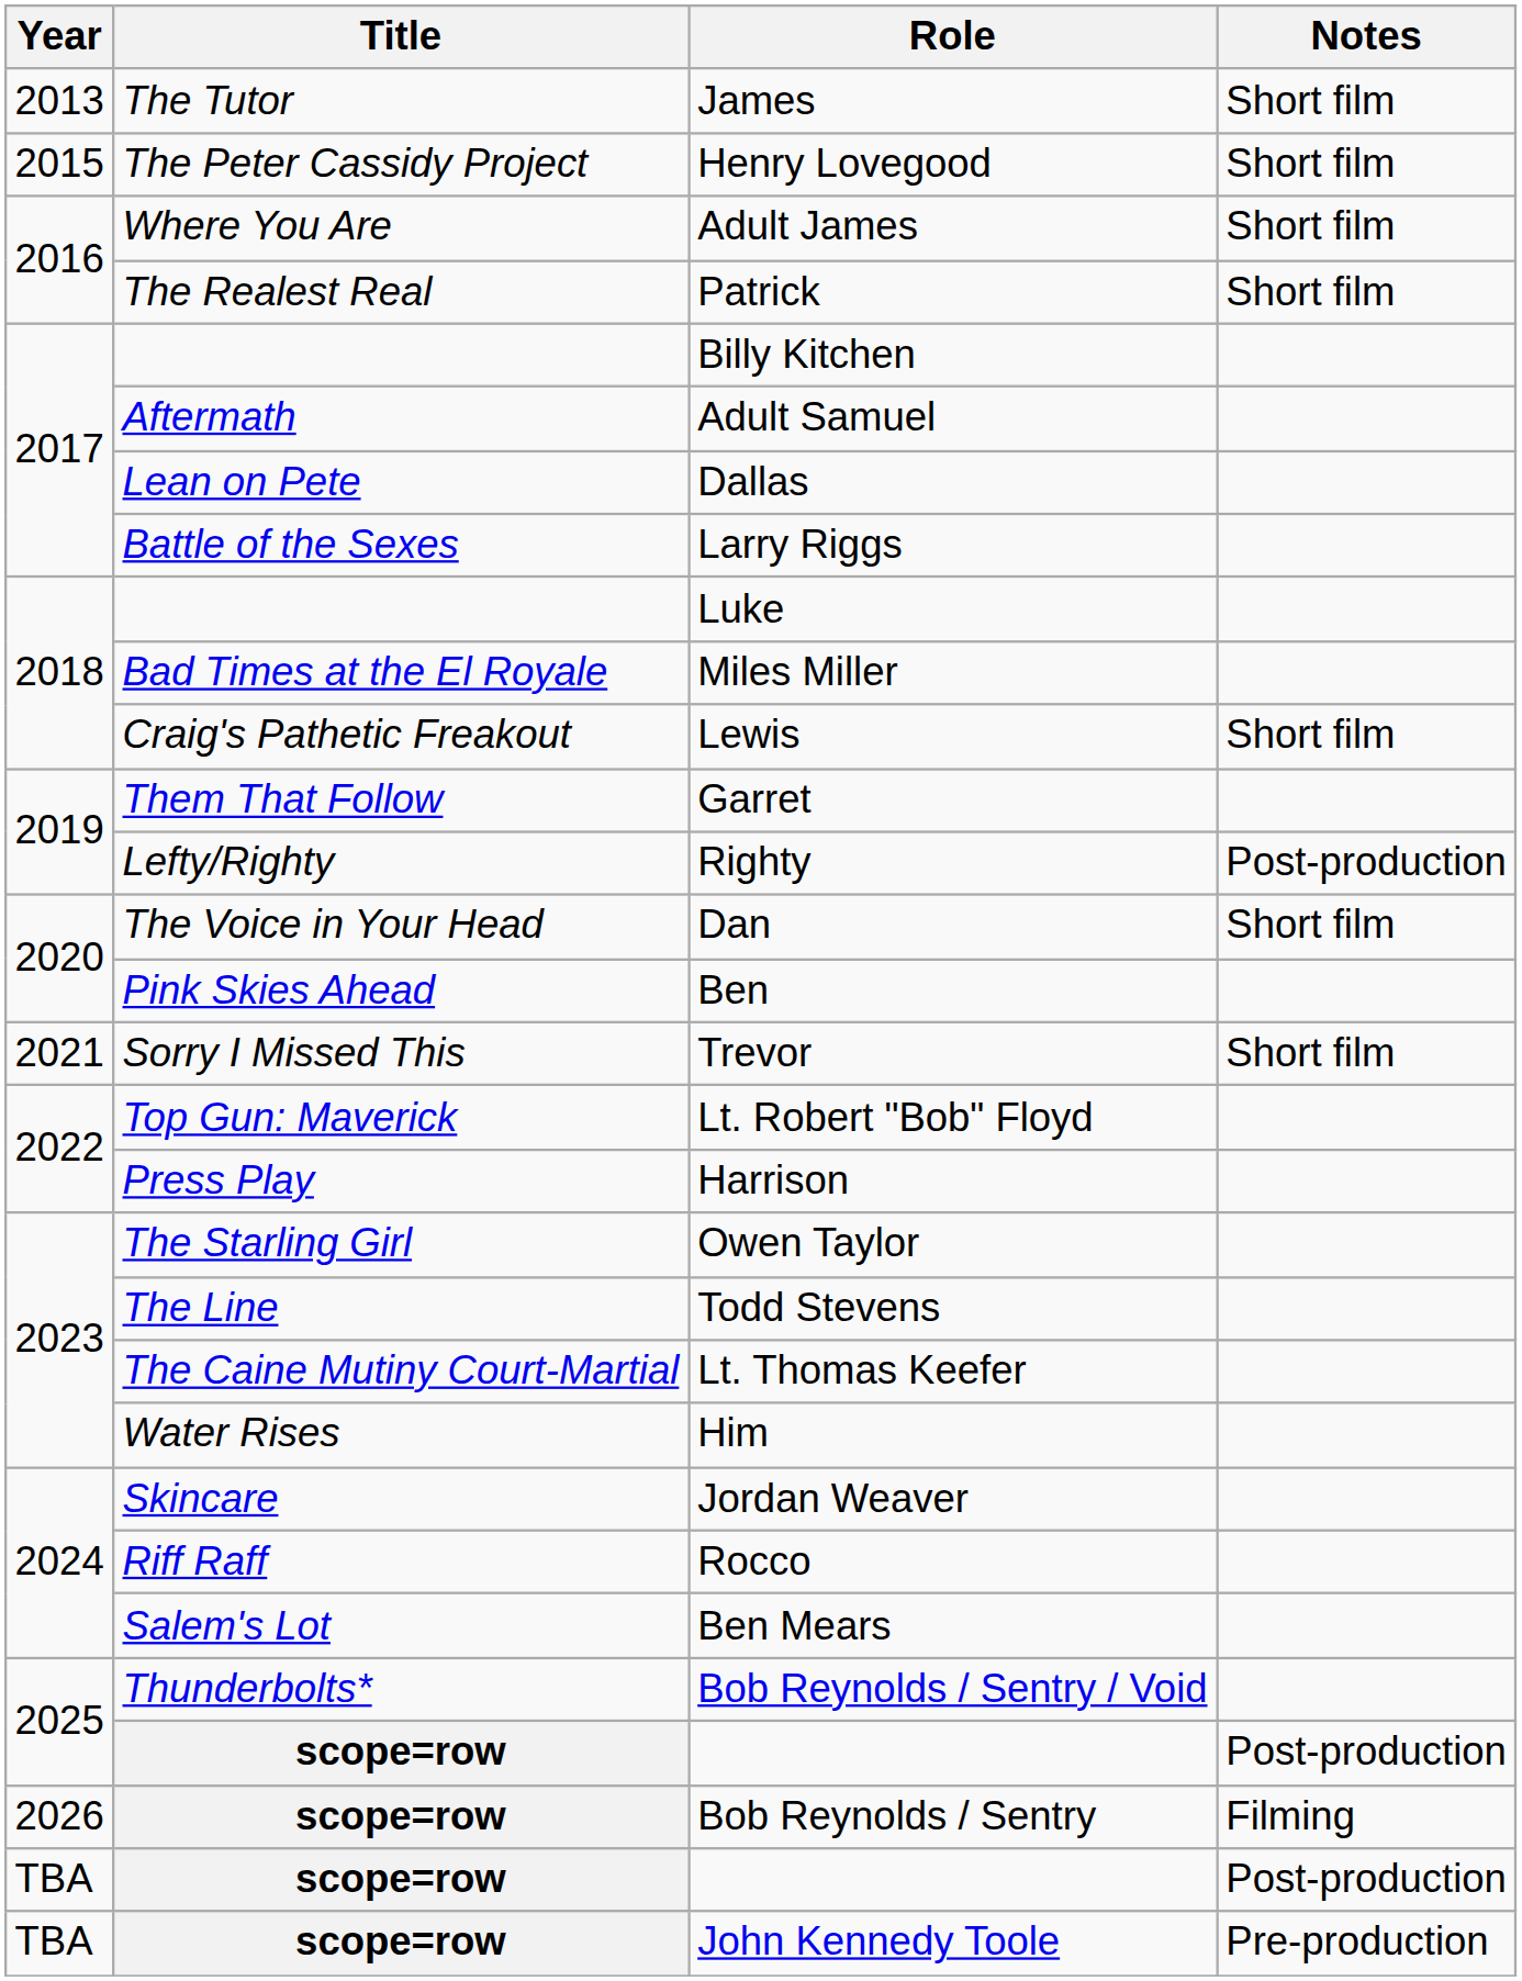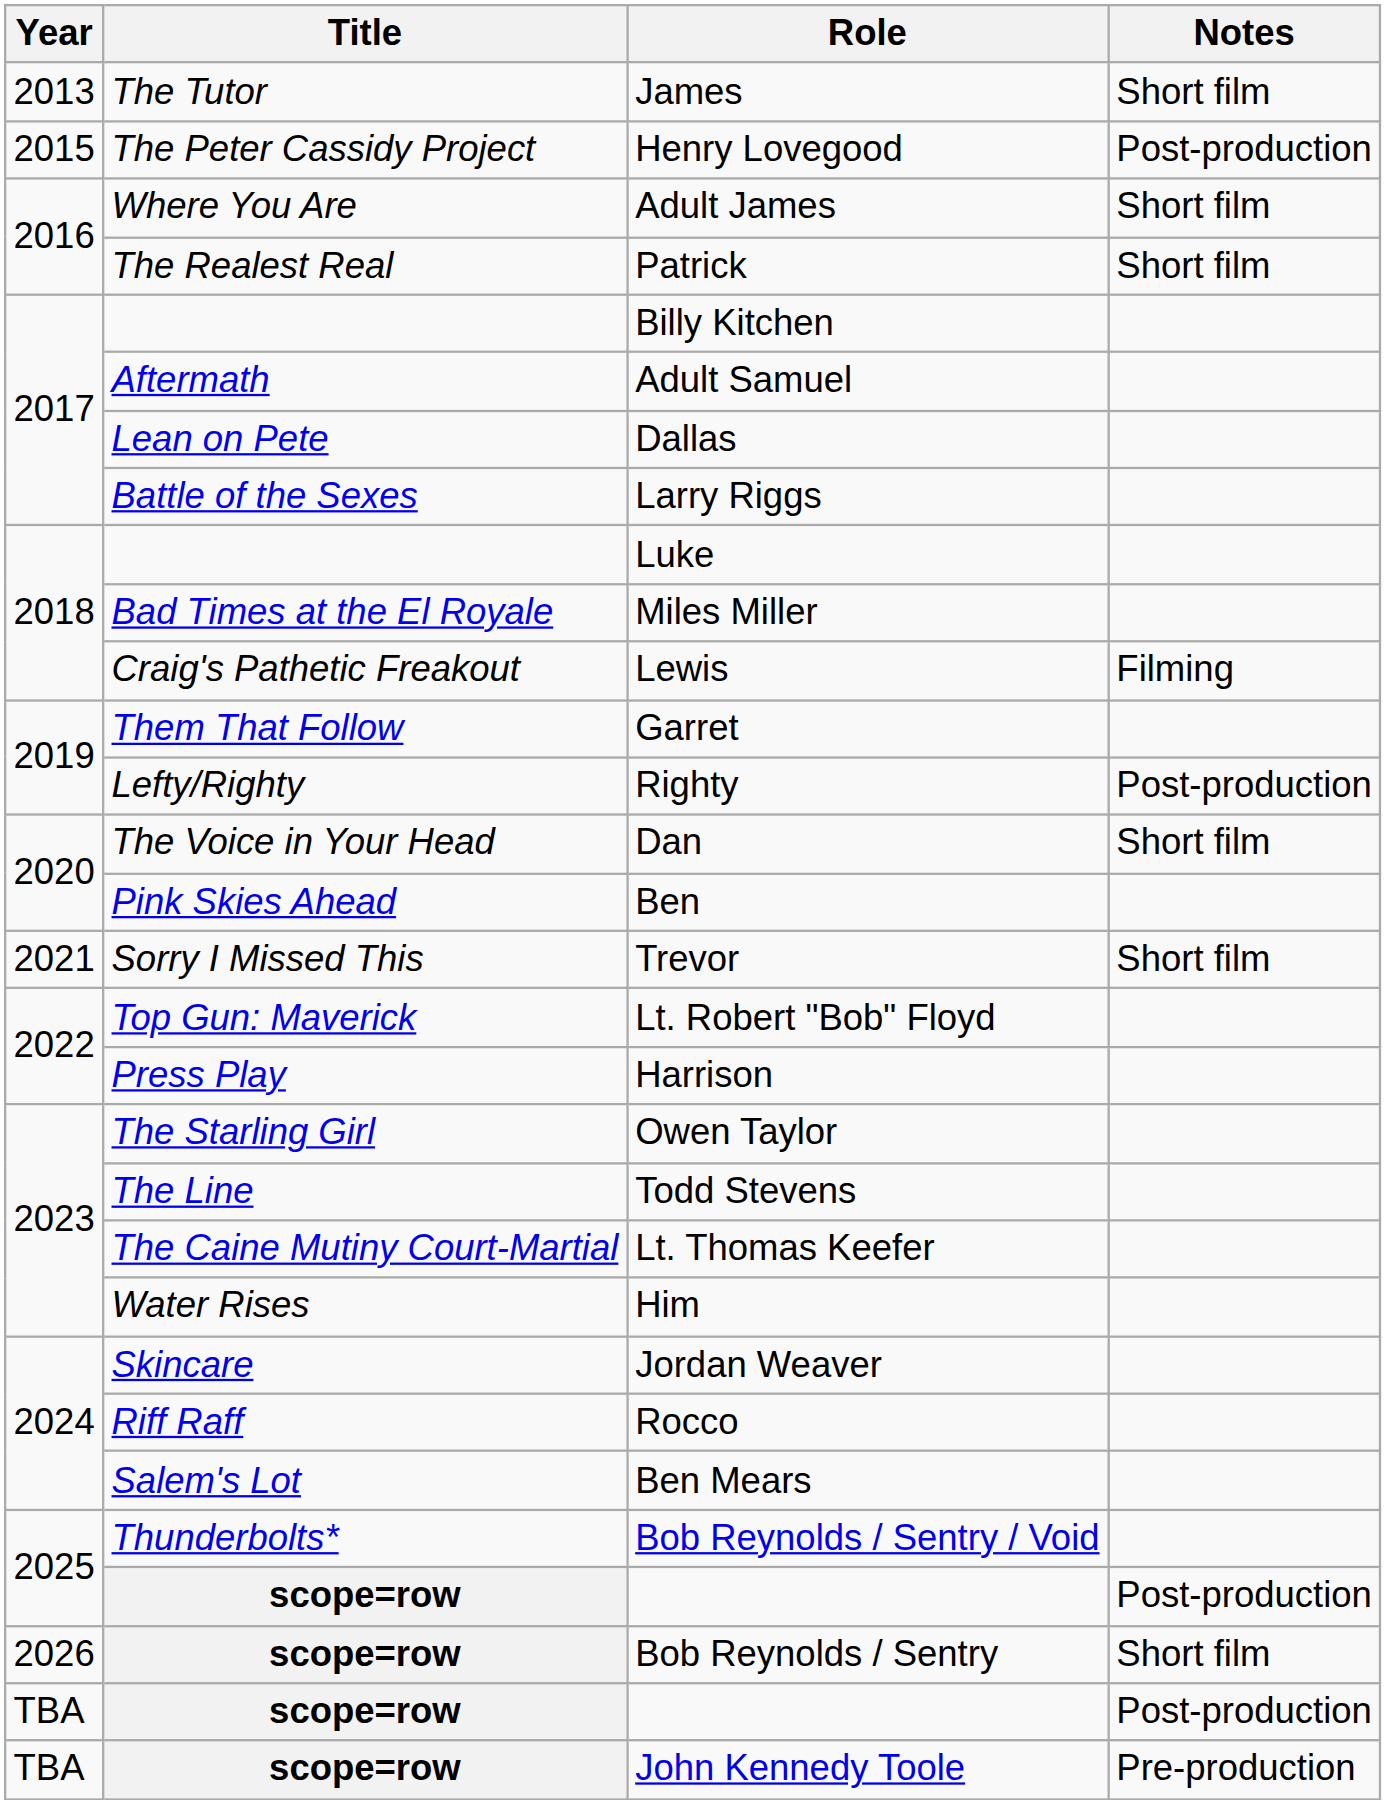 <table class="wikitable sortable plainrowheaders">
 <tr>
 <th scope=col>Year</th>
 <th scope=col>Title</th>
 <th scope=col>Role</th>
 <th scope=col class="unsortable">Notes</th>
 </tr>
 <tr>
 <td>2013</td>
 <td><em>The Tutor</em></td>
 <td>James</td>
 <td>Short film</td>
 </tr>
 <tr>
 <td>2015</td>
 <td><em>The Peter Cassidy Project</em></td>
 <td>Henry Lovegood</td>
-<td>Short film</td>
+<td>Post-production</td>
 </tr>
 <tr>
 <td rowspan="2">2016</td>
 <td><em>Where You Are</em></td>
 <td>Adult James</td>
 <td>Short film</td>
 </tr>
 <tr>
 <td><em>The Realest Real</em></td>
 <td>Patrick</td>
 <td>Short film</td>
 </tr>
 <tr>
 <td rowspan="4">2017</td>
 <td></td>
 <td>Billy Kitchen</td>
 <td></td>
 </tr>
 <tr>
 <td><em><a href='#'>Aftermath</a></em></td>
 <td>Adult Samuel</td>
 <td></td>
 </tr>
 <tr>
 <td><em><a href='#'>Lean on Pete</a></em></td>
 <td>Dallas</td>
 <td></td>
 </tr>
 <tr>
 <td><em><a href='#'>Battle of the Sexes</a></em></td>
 <td>Larry Riggs</td>
 <td></td>
 </tr>
 <tr>
 <td rowspan="3">2018</td>
 <td></td>
 <td>Luke</td>
 <td></td>
 </tr>
 <tr>
 <td><em><a href='#'>Bad Times at the El Royale</a></em></td>
 <td>Miles Miller</td>
 <td></td>
 </tr>
 <tr>
 <td><em>Craig's Pathetic Freakout</em></td>
 <td>Lewis</td>
-<td>Short film</td>
+<td>Filming</td>
 </tr>
 <tr>
 <td rowspan="2">2019</td>
 <td><em><a href='#'>Them That Follow</a></em></td>
 <td>Garret</td>
 <td></td>
 </tr>
 <tr>
 <td><em>Lefty/Righty</em></td>
 <td>Righty</td>
 <td>Post-production</td>
 </tr>
 <tr>
 <td rowspan="2">2020</td>
 <td><em>The Voice in Your Head</em></td>
 <td>Dan</td>
 <td>Short film</td>
 </tr>
 <tr>
 <td><em><a href='#'>Pink Skies Ahead</a></em></td>
 <td>Ben</td>
 <td></td>
 </tr>
 <tr>
 <td>2021</td>
 <td><em>Sorry I Missed This</em></td>
 <td>Trevor</td>
 <td>Short film</td>
 </tr>
 <tr>
 <td rowspan="2">2022</td>
 <td><em><a href='#'>Top Gun: Maverick</a></em></td>
 <td>Lt. Robert "Bob" Floyd</td>
 <td></td>
 </tr>
 <tr>
 <td><em><a href='#'>Press Play</a></em></td>
 <td>Harrison</td>
 <td></td>
 </tr>
 <tr>
 <td rowspan="4">2023</td>
 <td><em><a href='#'>The Starling Girl</a></em></td>
 <td>Owen Taylor</td>
 <td></td>
 </tr>
 <tr>
 <td><em><a href='#'>The Line</a></em></td>
 <td>Todd Stevens</td>
 <td></td>
 </tr>
 <tr>
 <td><em><a href='#'>The Caine Mutiny Court-Martial</a></em></td>
 <td>Lt. Thomas Keefer</td>
 <td></td>
 </tr>
 <tr>
 <td><em>Water Rises</em></td>
 <td>Him</td>
 <td></td>
 </tr>
 <tr>
 <td rowspan="3">2024</td>
 <td><em><a href='#'>Skincare</a></em></td>
 <td>Jordan Weaver</td>
 <td></td>
 </tr>
 <tr>
 <td><em><a href='#'>Riff Raff</a></em></td>
 <td>Rocco</td>
 <td></td>
 </tr>
 <tr>
 <td><em><a href='#'>Salem's Lot</a></em></td>
 <td>Ben Mears</td>
 <td></td>
 </tr>
 <tr>
 <td rowspan="2">2025</td>
 <td><em><a href='#'>Thunderbolts*</a></em></td>
 <td><a href='#'>Bob Reynolds / Sentry / Void</a></td>
 <td></td>
 </tr>
 <tr>
 <th>scope=row </th>
 <td></td>
 <td>Post-production</td>
 </tr>
 <tr>
 <td>2026</td>
 <th>scope=row </th>
 <td>Bob Reynolds / Sentry</td>
-<td>Filming</td>
+<td>Short film</td>
 </tr>
 <tr>
 <td>TBA</td>
 <th>scope=row </th>
 <td></td>
 <td>Post-production</td>
 </tr>
 <tr>
 <td>TBA</td>
 <th>scope=row </th>
 <td><a href='#'>John Kennedy Toole</a></td>
 <td>Pre-production</td>
 </tr>
 </table>
